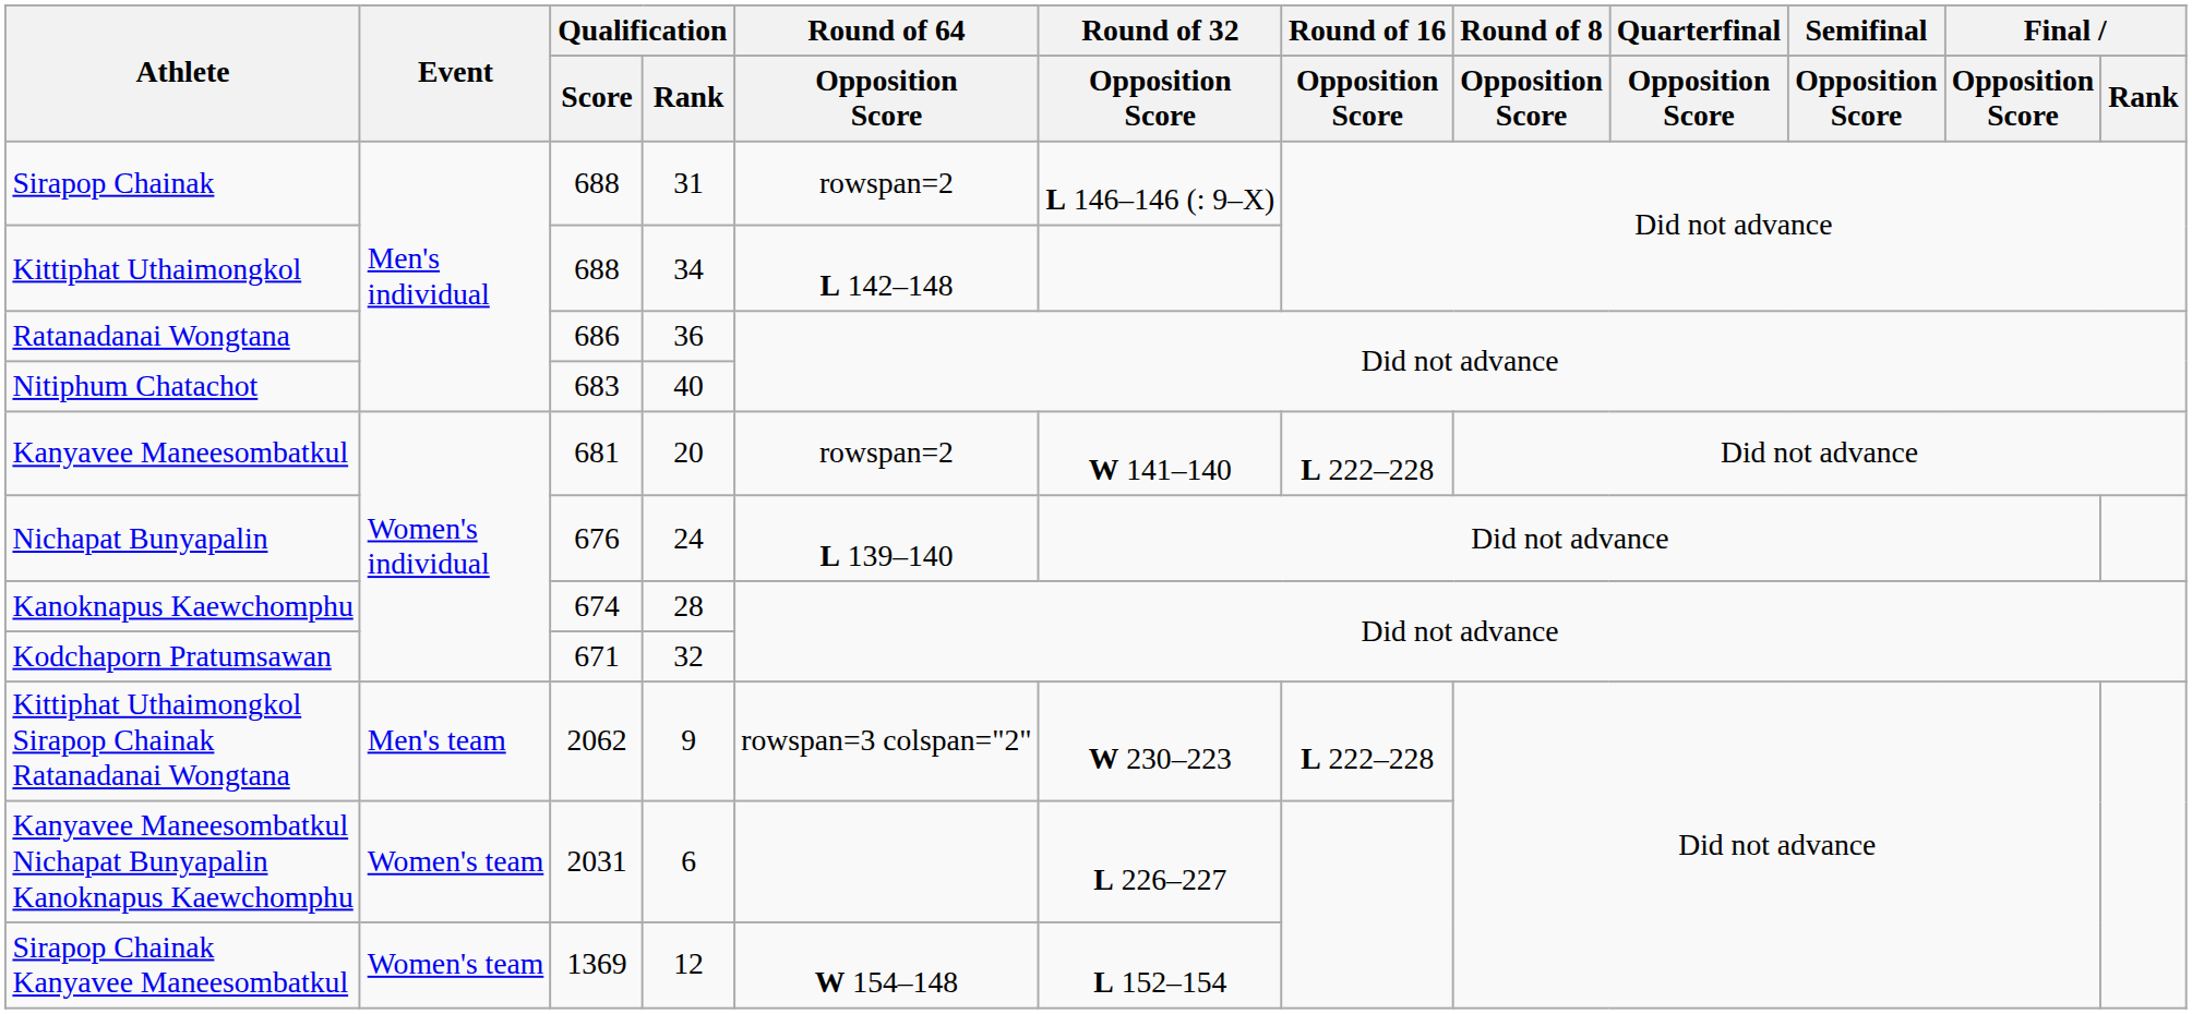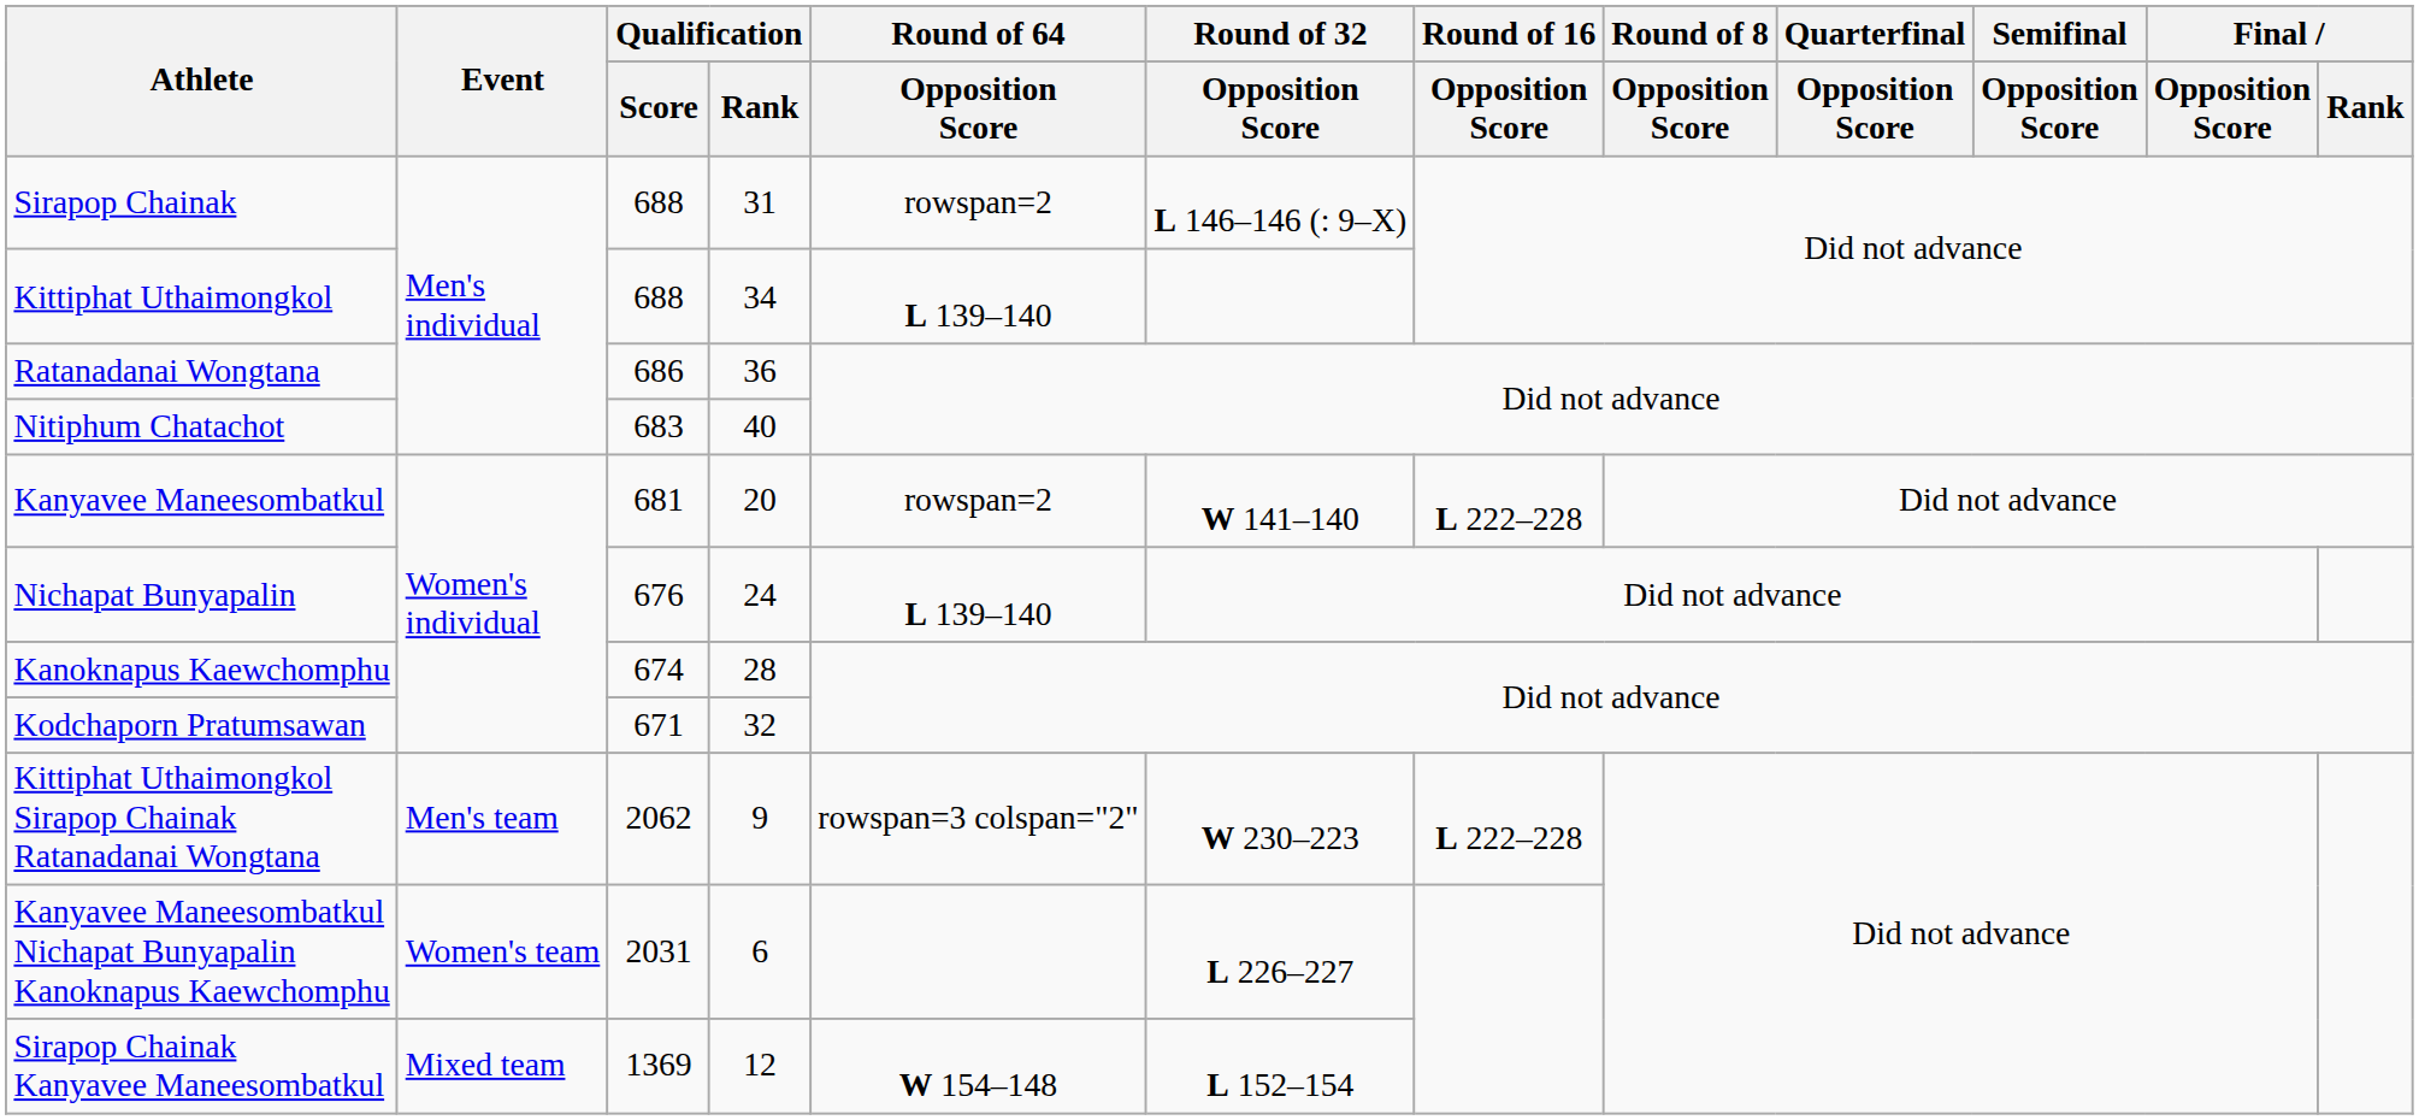 <table class="wikitable" style="font-size:90%;text-align:center">
 <tr>
 <th rowspan="2">Athlete</th>
 <th rowspan="2">Event</th>
 <th colspan="2">Qualification</th>
 <th>Round of 64</th>
 <th>Round of 32</th>
 <th>Round of 16</th>
 <th>Round of 8</th>
 <th>Quarterfinal</th>
 <th>Semifinal</th>
 <th colspan="2">Final / </th>
 </tr>
 <tr>
 <th>Score</th>
 <th>Rank</th>
 <th>Opposition<br>Score</th>
 <th>Opposition<br>Score</th>
 <th>Opposition<br>Score</th>
 <th>Opposition<br>Score</th>
 <th>Opposition<br>Score</th>
 <th>Opposition<br>Score</th>
 <th>Opposition<br>Score</th>
 <th>Rank</th>
 </tr>
 <tr>
 <td align="left"><a href='#'>Sirapop Chainak</a></td>
 <td align="left" rowspan="4"><a href='#'>Men's<br>individual</a></td>
 <td>688</td>
 <td>31 <strong></strong></td>
 <td>rowspan=2 </td>
 <td><br><strong>L</strong> 146–146 (<strong></strong>: 9–X)</td>
 <td rowspan=2 colspan=6>Did not advance</td>
 </tr>
 <tr>
 <td align="left"><a href='#'>Kittiphat Uthaimongkol</a></td>
 <td>688</td>
 <td>34 <strong></strong></td>
-<td><br><strong>L</strong> 142–148</td>
+<td><br><strong>L</strong> 139–140</td>
 </tr>
 <tr>
 <td align="left"><a href='#'>Ratanadanai Wongtana</a></td>
 <td>686</td>
 <td>36</td>
 <td rowspan=2 colspan="8">Did not advance</td>
 </tr>
 <tr>
 <td align="left"><a href='#'>Nitiphum Chatachot</a></td>
 <td>683</td>
 <td>40</td>
 </tr>
 <tr>
 <td align="left"><a href='#'>Kanyavee Maneesombatkul</a></td>
 <td align="left" rowspan="4"><a href='#'>Women's<br>individual</a></td>
 <td>681</td>
 <td>20 <strong></strong></td>
 <td>rowspan=2 </td>
 <td><br><strong>W</strong> 141–140</td>
 <td> <br><strong>L</strong> 222–228</td>
 <td colspan=5>Did not advance</td>
 </tr>
 <tr>
 <td align="left"><a href='#'>Nichapat Bunyapalin</a></td>
 <td>676</td>
 <td>24 <strong></strong></td>
 <td><br><strong>L</strong> 139–140</td>
 <td colspan=6>Did not advance</td>
 </tr>
 <tr>
 <td align="left"><a href='#'>Kanoknapus Kaewchomphu</a></td>
 <td>674</td>
 <td>28</td>
 <td rowspan=2 colspan="8">Did not advance</td>
 </tr>
 <tr>
 <td align="left"><a href='#'>Kodchaporn Pratumsawan</a></td>
 <td>671</td>
 <td>32</td>
 </tr>
 <tr>
 <td align="left"><a href='#'>Kittiphat Uthaimongkol</a><br><a href='#'>Sirapop Chainak</a><br><a href='#'>Ratanadanai Wongtana</a></td>
 <td align="left"><a href='#'>Men's team</a></td>
 <td>2062</td>
 <td>9 <strong></strong></td>
 <td>rowspan=3 colspan="2" </td>
 <td> <br><strong>W</strong> 230–223</td>
 <td> <br><strong>L</strong> 222–228</td>
 <td rowspan=3 colspan="4">Did not advance</td>
 </tr>
 <tr>
 <td align="left"><a href='#'>Kanyavee Maneesombatkul</a><br><a href='#'>Nichapat Bunyapalin</a><br><a href='#'>Kanoknapus Kaewchomphu</a></td>
 <td align="left"><a href='#'>Women's team</a></td>
 <td>2031</td>
 <td>6 <strong></strong></td>
 <td></td>
 <td><br><strong>L</strong> 226–227</td>
 </tr>
 <tr>
 <td align="left"><a href='#'>Sirapop Chainak</a><br><a href='#'>Kanyavee Maneesombatkul</a></td>
-<td align="left"><a href='#'>Women's team</a></td>
+<td align="left"><a href='#'>Mixed team</a></td>
 <td>1369</td>
 <td>12 <strong></strong></td>
 <td> <br><strong>W</strong> 154–148</td>
 <td> <br><strong>L</strong> 152–154</td>
 </tr>
 </table>
